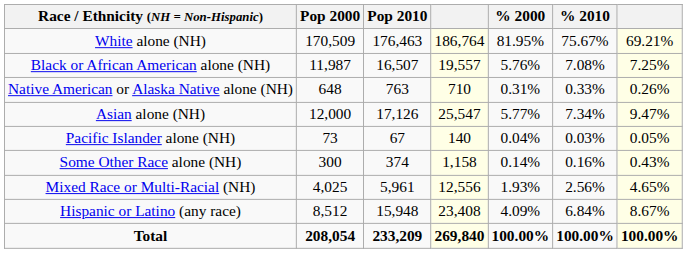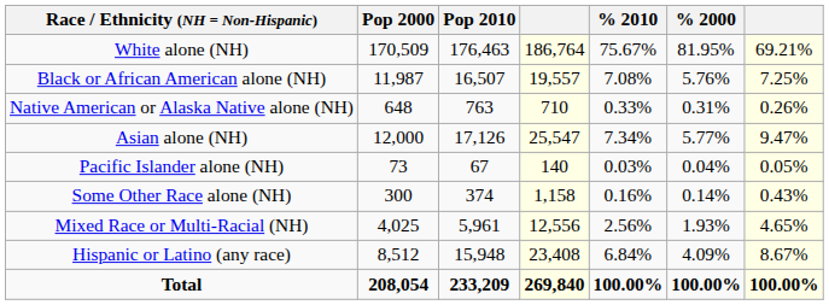 <table class="wikitable" style="text-align:center;">
 <tr>
 <th>Race / Ethnicity <small>(<em>NH = Non-Hispanic</em>)</small></th>
 <th>Pop 2000</th>
 <th>Pop 2010</th>
 <th></th>
+<th>% 2010</th>
 <th>% 2000</th>
-<th>% 2010</th>
 <th></th>
 </tr>
 <tr>
 <td><a href='#'>White</a> alone (NH)</td>
 <td>170,509</td>
 <td>176,463</td>
 <td style='background: #ffffe6;'>186,764</td>
+<td>75.67%</td>
 <td>81.95%</td>
-<td>75.67%</td>
 <td style='background: #ffffe6;'>69.21%</td>
 </tr>
 <tr>
 <td><a href='#'>Black or African American</a> alone (NH)</td>
 <td>11,987</td>
 <td>16,507</td>
 <td style='background: #ffffe6;'>19,557</td>
+<td>7.08%</td>
 <td>5.76%</td>
-<td>7.08%</td>
 <td style='background: #ffffe6;'>7.25%</td>
 </tr>
 <tr>
 <td><a href='#'>Native American</a> or <a href='#'>Alaska Native</a> alone (NH)</td>
 <td>648</td>
 <td>763</td>
 <td style='background: #ffffe6;'>710</td>
+<td>0.33%</td>
 <td>0.31%</td>
-<td>0.33%</td>
 <td style='background: #ffffe6;'>0.26%</td>
 </tr>
 <tr>
 <td><a href='#'>Asian</a> alone (NH)</td>
 <td>12,000</td>
 <td>17,126</td>
 <td style='background: #ffffe6;'>25,547</td>
+<td>7.34%</td>
 <td>5.77%</td>
-<td>7.34%</td>
 <td style='background: #ffffe6;'>9.47%</td>
 </tr>
 <tr>
 <td><a href='#'>Pacific Islander</a> alone (NH)</td>
 <td>73</td>
 <td>67</td>
 <td style='background: #ffffe6;'>140</td>
+<td>0.03%</td>
 <td>0.04%</td>
-<td>0.03%</td>
 <td style='background: #ffffe6;'>0.05%</td>
 </tr>
 <tr>
 <td><a href='#'>Some Other Race</a> alone (NH)</td>
 <td>300</td>
 <td>374</td>
 <td style='background: #ffffe6;'>1,158</td>
+<td>0.16%</td>
 <td>0.14%</td>
-<td>0.16%</td>
 <td style='background: #ffffe6;'>0.43%</td>
 </tr>
 <tr>
 <td><a href='#'>Mixed Race or Multi-Racial</a> (NH)</td>
 <td>4,025</td>
 <td>5,961</td>
 <td style='background: #ffffe6;'>12,556</td>
+<td>2.56%</td>
 <td>1.93%</td>
-<td>2.56%</td>
 <td style='background: #ffffe6;'>4.65%</td>
 </tr>
 <tr>
 <td><a href='#'>Hispanic or Latino</a> (any race)</td>
 <td>8,512</td>
 <td>15,948</td>
 <td style='background: #ffffe6;'>23,408</td>
+<td>6.84%</td>
 <td>4.09%</td>
-<td>6.84%</td>
 <td style='background: #ffffe6;'>8.67%</td>
 </tr>
 <tr>
 <td><strong>Total</strong></td>
 <td><strong>208,054</strong></td>
 <td><strong>233,209</strong></td>
 <td style='background: #ffffe6;'><strong>269,840</strong></td>
 <td><strong>100.00%</strong></td>
 <td><strong>100.00%</strong></td>
 <td style='background: #ffffe6;'><strong>100.00%</strong></td>
 </tr>
 </table>
